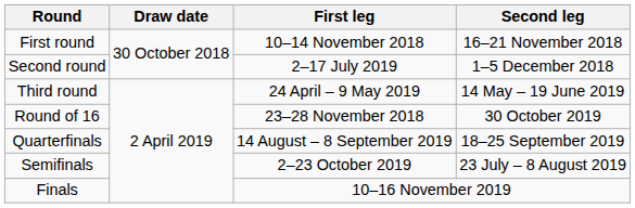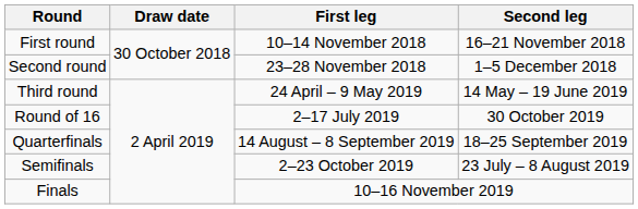 <table class="wikitable" style="text-align:center">
 <tr>
 <th>Round</th>
 <th>Draw date</th>
 <th>First leg</th>
 <th>Second leg</th>
 </tr>
 <tr>
 <td>First round</td>
 <td rowspan=2>30 October 2018</td>
 <td>10–14 November 2018</td>
 <td>16–21 November 2018</td>
 </tr>
 <tr>
 <td>Second round</td>
-<td>2–17 July 2019</td>
+<td>23–28 November 2018</td>
 <td>1–5 December 2018</td>
 </tr>
 <tr>
 <td>Third round</td>
 <td rowspan=5>2 April 2019</td>
 <td>24 April – 9 May 2019</td>
 <td>14 May – 19 June 2019</td>
 </tr>
 <tr>
 <td>Round of 16</td>
-<td>23–28 November 2018</td>
+<td>2–17 July 2019</td>
 <td>30 October 2019</td>
 </tr>
 <tr>
 <td>Quarterfinals</td>
 <td>14 August – 8 September 2019</td>
 <td>18–25 September 2019</td>
 </tr>
 <tr>
 <td>Semifinals</td>
 <td>2–23 October 2019</td>
 <td>23 July – 8 August 2019</td>
 </tr>
 <tr>
 <td>Finals</td>
 <td colspan=2>10–16 November 2019</td>
 </tr>
 </table>
